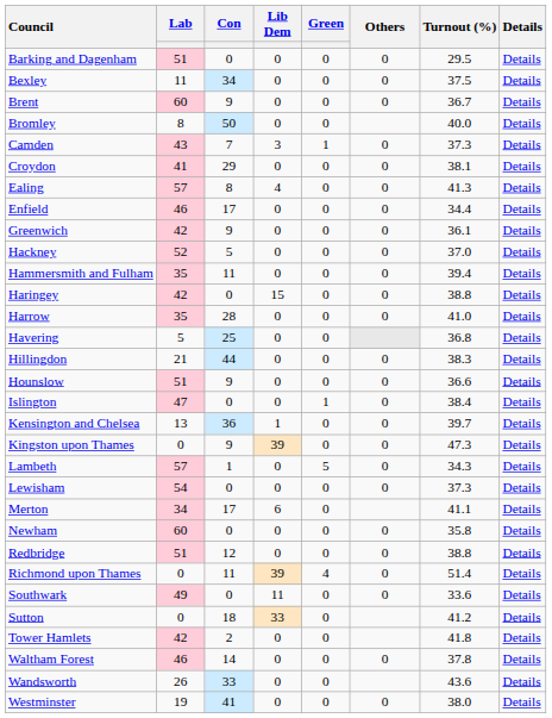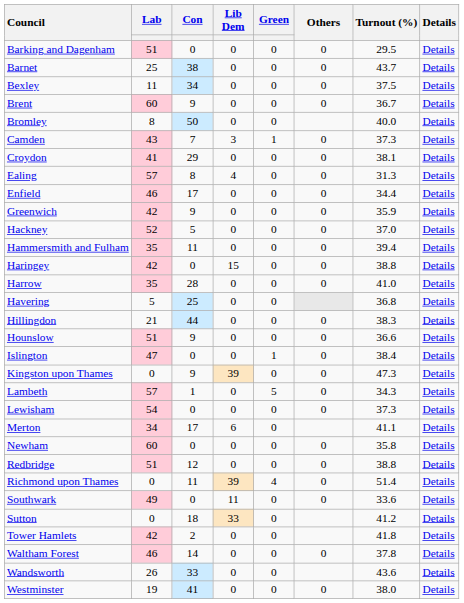 <table class="wikitable sortable" style="text-align:center;">
 <tr>
 <th rowspan="2" style="text-align:left;">Council</th>
 <th class="unsortable" style="width:50px;"><a href='#'>Lab</a></th>
 <th class="unsortable" style="width:50px;"><a href='#'>Con</a></th>
 <th class="unsortable" style="width:50px;"><a href='#'>Lib Dem</a></th>
 <th class="unsortable" style="width:50px;"><a href='#'>Green</a></th>
 <th rowspan="2" class="unsortable" style="width:75px;">Others</th>
 <th rowspan="2" data-sort-type="number">Turnout (%)</th>
 <th rowspan="2" style="text-align:left;">Details</th>
 </tr>
 <tr>
 <th data-sort-type="number" style="background:"></th>
 <th data-sort-type="number" style="background:"></th>
 <th data-sort-type="number" style="background:"></th>
 <th data-sort-type="number" style="background:"></th>
 </tr>
 <tr>
 <td style="text-align:left;"><a href='#'>Barking and Dagenham</a></td>
 <td style = "background:#FFCCD9;">51</td>
 <td>0</td>
 <td>0</td>
 <td>0</td>
 <td>0</td>
 <td>29.5</td>
+<td style="text-align:left;"><a href='#'>Details</a></td>
+</tr>
+<tr>
+<td style="text-align:left;"><a href='#'>Barnet</a></td>
+<td>25</td>
+<td style = "background:#CCEBFF;">38</td>
+<td>0</td>
+<td>0</td>
+<td>0</td>
+<td>43.7</td>
 <td style="text-align:left;"><a href='#'>Details</a></td>
 </tr>
 <tr>
 <td style="text-align:left;"><a href='#'>Bexley</a></td>
 <td>11</td>
 <td style = "background:#CCEBFF;">34</td>
 <td>0</td>
 <td>0</td>
 <td>0</td>
 <td>37.5</td>
 <td style="text-align:left;"><a href='#'>Details</a></td>
 </tr>
 <tr>
 <td style="text-align:left;"><a href='#'>Brent</a></td>
 <td style = "background:#FFCCD9;">60</td>
 <td>9</td>
 <td>0</td>
 <td>0</td>
 <td>0</td>
 <td>36.7</td>
 <td style="text-align:left;"><a href='#'>Details</a></td>
 </tr>
 <tr>
 <td style="text-align:left;"><a href='#'>Bromley</a></td>
 <td>8</td>
 <td style = "background:#CCEBFF;">50</td>
 <td>0</td>
 <td>0</td>
 <td></td>
 <td>40.0</td>
 <td style="text-align:left;"><a href='#'>Details</a></td>
 </tr>
 <tr>
 <td style="text-align:left;"><a href='#'>Camden</a></td>
 <td style = "background:#FFCCD9;">43</td>
 <td>7</td>
 <td>3</td>
 <td>1</td>
 <td>0</td>
 <td>37.3</td>
 <td style="text-align:left;"><a href='#'>Details</a></td>
 </tr>
 <tr>
 <td style="text-align:left;"><a href='#'>Croydon</a></td>
 <td style = "background:#FFCCD9;">41</td>
 <td>29</td>
 <td>0</td>
 <td>0</td>
 <td>0</td>
 <td>38.1</td>
 <td style="text-align:left;"><a href='#'>Details</a></td>
 </tr>
 <tr>
 <td style="text-align:left;"><a href='#'>Ealing</a></td>
 <td style = "background:#FFCCD9;">57</td>
 <td>8</td>
 <td>4</td>
 <td>0</td>
 <td>0</td>
-<td>41.3</td>
+<td>31.3</td>
 <td style="text-align:left;"><a href='#'>Details</a></td>
 </tr>
 <tr>
 <td style="text-align:left;"><a href='#'>Enfield</a></td>
 <td style = "background:#FFCCD9;">46</td>
 <td>17</td>
 <td>0</td>
 <td>0</td>
 <td>0</td>
 <td>34.4</td>
 <td style="text-align:left;"><a href='#'>Details</a></td>
 </tr>
 <tr>
 <td style="text-align:left;"><a href='#'>Greenwich</a></td>
 <td style = "background:#FFCCD9;">42</td>
 <td>9</td>
 <td>0</td>
 <td>0</td>
 <td>0</td>
-<td>36.1</td>
+<td>35.9</td>
 <td style="text-align:left;"><a href='#'>Details</a></td>
 </tr>
 <tr>
 <td style="text-align:left;"><a href='#'>Hackney</a></td>
 <td style = "background:#FFCCD9;">52</td>
 <td>5</td>
 <td>0</td>
 <td>0</td>
 <td>0</td>
 <td>37.0</td>
 <td style="text-align:left;"><a href='#'>Details</a></td>
 </tr>
 <tr>
 <td style="text-align:left;"><a href='#'>Hammersmith and Fulham</a></td>
 <td style = "background:#FFCCD9;">35</td>
 <td>11</td>
 <td>0</td>
 <td>0</td>
 <td>0</td>
 <td>39.4</td>
 <td style="text-align:left;"><a href='#'>Details</a></td>
 </tr>
 <tr>
 <td style="text-align:left;"><a href='#'>Haringey</a></td>
 <td style = "background:#FFCCD9;">42</td>
 <td>0</td>
 <td>15</td>
 <td>0</td>
 <td>0</td>
 <td>38.8</td>
 <td style="text-align:left;"><a href='#'>Details</a></td>
 </tr>
 <tr>
 <td style="text-align:left;"><a href='#'>Harrow</a></td>
 <td style = "background:#FFCCD9;">35</td>
 <td>28</td>
 <td>0</td>
 <td>0</td>
 <td>0</td>
 <td>41.0</td>
 <td style="text-align:left;"><a href='#'>Details</a></td>
 </tr>
 <tr>
 <td style="text-align:left;"><a href='#'>Havering</a></td>
 <td>5</td>
 <td style = "background:#CCEBFF;">25</td>
 <td>0</td>
 <td>0</td>
 <td style = "background:#E8E8E8;"></td>
 <td>36.8</td>
 <td style="text-align:left;"><a href='#'>Details</a></td>
 </tr>
 <tr>
 <td style="text-align:left;"><a href='#'>Hillingdon</a></td>
 <td>21</td>
 <td style = "background:#CCEBFF;">44</td>
 <td>0</td>
 <td>0</td>
 <td>0</td>
 <td>38.3</td>
 <td style="text-align:left;"><a href='#'>Details</a></td>
 </tr>
 <tr>
 <td style="text-align:left;"><a href='#'>Hounslow</a></td>
 <td style = "background:#FFCCD9;">51</td>
 <td>9</td>
 <td>0</td>
 <td>0</td>
 <td>0</td>
 <td>36.6</td>
 <td style="text-align:left;"><a href='#'>Details</a></td>
 </tr>
 <tr>
 <td style="text-align:left;"><a href='#'>Islington</a></td>
 <td style = "background:#FFCCD9;">47</td>
 <td>0</td>
 <td>0</td>
 <td>1</td>
 <td>0</td>
 <td>38.4</td>
-<td style="text-align:left;"><a href='#'>Details</a></td>
-</tr>
-<tr>
-<td style="text-align:left;"><a href='#'>Kensington and Chelsea</a></td>
-<td>13</td>
-<td style = "background:#CCEBFF;">36</td>
-<td>1</td>
-<td>0</td>
-<td>0</td>
-<td>39.7</td>
 <td style="text-align:left;"><a href='#'>Details</a></td>
 </tr>
 <tr>
 <td style="text-align:left;"><a href='#'>Kingston upon Thames</a></td>
 <td>0</td>
 <td>9</td>
 <td style = "background:#FDE6C1;">39</td>
 <td>0</td>
 <td>0</td>
 <td>47.3</td>
 <td style="text-align:left;"><a href='#'>Details</a></td>
 </tr>
 <tr>
 <td style="text-align:left;"><a href='#'>Lambeth</a></td>
 <td style = "background:#FFCCD9;">57</td>
 <td>1</td>
 <td>0</td>
 <td>5</td>
 <td>0</td>
 <td>34.3</td>
 <td style="text-align:left;"><a href='#'>Details</a></td>
 </tr>
 <tr>
 <td style="text-align:left;"><a href='#'>Lewisham</a></td>
 <td style = "background:#FFCCD9;">54</td>
 <td>0</td>
 <td>0</td>
 <td>0</td>
 <td>0</td>
 <td>37.3</td>
 <td style="text-align:left;"><a href='#'>Details</a></td>
 </tr>
 <tr>
 <td style="text-align:left;"><a href='#'>Merton</a></td>
 <td style = "background:#FFCCD9;">34</td>
 <td>17</td>
 <td>6</td>
 <td>0</td>
 <td></td>
 <td>41.1</td>
 <td style="text-align:left;"><a href='#'>Details</a></td>
 </tr>
 <tr>
 <td style="text-align:left;"><a href='#'>Newham</a></td>
 <td style = "background:#FFCCD9;">60</td>
 <td>0</td>
 <td>0</td>
 <td>0</td>
 <td>0</td>
 <td>35.8</td>
 <td style="text-align:left;"><a href='#'>Details</a></td>
 </tr>
 <tr>
 <td style="text-align:left;"><a href='#'>Redbridge</a></td>
 <td style = "background:#FFCCD9;">51</td>
 <td>12</td>
 <td>0</td>
 <td>0</td>
 <td>0</td>
 <td>38.8</td>
 <td style="text-align:left;"><a href='#'>Details</a></td>
 </tr>
 <tr>
 <td style="text-align:left;"><a href='#'>Richmond upon Thames</a></td>
 <td>0</td>
 <td>11</td>
 <td style = "background:#FDE6C1;">39</td>
 <td>4</td>
 <td>0</td>
 <td>51.4</td>
 <td style="text-align:left;"><a href='#'>Details</a></td>
 </tr>
 <tr>
 <td style="text-align:left;"><a href='#'>Southwark</a></td>
 <td style = "background:#FFCCD9;">49</td>
 <td>0</td>
 <td>11</td>
 <td>0</td>
 <td>0</td>
 <td>33.6</td>
 <td style="text-align:left;"><a href='#'>Details</a></td>
 </tr>
 <tr>
 <td style="text-align:left;"><a href='#'>Sutton</a></td>
 <td>0</td>
 <td>18</td>
 <td style = "background:#FDE6C1;">33</td>
 <td>0</td>
 <td></td>
 <td>41.2</td>
 <td style="text-align:left;"><a href='#'>Details</a></td>
 </tr>
 <tr>
 <td style="text-align:left;"><a href='#'>Tower Hamlets</a></td>
 <td style = "background:#FFCCD9;">42</td>
 <td>2</td>
 <td>0</td>
 <td>0</td>
 <td></td>
 <td>41.8</td>
 <td style="text-align:left;"><a href='#'>Details</a></td>
 </tr>
 <tr>
 <td style="text-align:left;"><a href='#'>Waltham Forest</a></td>
 <td style = "background:#FFCCD9;">46</td>
 <td>14</td>
 <td>0</td>
 <td>0</td>
 <td>0</td>
 <td>37.8</td>
 <td style="text-align:left;"><a href='#'>Details</a></td>
 </tr>
 <tr>
 <td style="text-align:left;"><a href='#'>Wandsworth</a></td>
 <td>26</td>
 <td style = "background:#CCEBFF;">33</td>
 <td>0</td>
 <td>0</td>
 <td></td>
 <td>43.6</td>
 <td style="text-align:left;"><a href='#'>Details</a></td>
 </tr>
 <tr>
 <td style="text-align:left;"><a href='#'>Westminster</a></td>
 <td>19</td>
 <td style = "background:#CCEBFF;">41</td>
 <td>0</td>
 <td>0</td>
 <td>0</td>
 <td>38.0</td>
 <td style="text-align:left;"><a href='#'>Details</a></td>
 </tr>
 </table>
